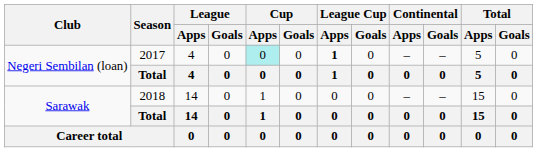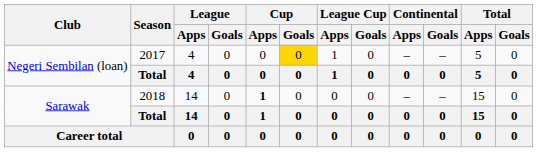 <table class="wikitable" style="text-align: center;">
 <tr>
 <th rowspan="2">Club</th>
 <th rowspan="2">Season</th>
 <th colspan="2">League</th>
 <th colspan="2">Cup</th>
 <th colspan="2">League Cup</th>
 <th colspan="2">Continental</th>
 <th colspan="2">Total</th>
 </tr>
 <tr>
 <th>Apps</th>
 <th>Goals</th>
 <th>Apps</th>
 <th>Goals</th>
 <th>Apps</th>
 <th>Goals</th>
 <th>Apps</th>
 <th>Goals</th>
 <th>Apps</th>
 <th>Goals</th>
 </tr>
 <tr>
 <td rowspan="2" valign="center"><a href='#'>Negeri Sembilan</a> (loan)</td>
 <td>2017</td>
 <td>4</td>
 <td>0</td>
-<td style="background: paleturquoise;">0</td>
 <td>0</td>
-<td><strong>1</strong></td>
+<td style="background: gold;">0</td>
+<td>1</td>
 <td>0</td>
 <td>–</td>
 <td>–</td>
 <td>5</td>
 <td>0</td>
 </tr>
 <tr>
 <th>Total</th>
 <th>4</th>
 <th>0</th>
 <th>0</th>
 <th>0</th>
 <th>1</th>
 <th>0</th>
 <th>0</th>
 <th>0</th>
 <th>5</th>
 <th>0</th>
 </tr>
 <tr>
 <td rowspan="2" valign="center"><a href='#'>Sarawak</a></td>
 <td>2018</td>
 <td>14</td>
 <td>0</td>
-<td>1</td>
+<td><strong>1</strong></td>
 <td>0</td>
 <td>0</td>
 <td>0</td>
 <td>–</td>
 <td>–</td>
 <td>15</td>
 <td>0</td>
 </tr>
 <tr>
 <th>Total</th>
 <th>14</th>
 <th>0</th>
 <th>1</th>
 <th>0</th>
 <th>0</th>
 <th>0</th>
 <th>0</th>
 <th>0</th>
 <th>15</th>
 <th>0</th>
 </tr>
 <tr>
 <th colspan=2>Career total</th>
 <th>0</th>
 <th>0</th>
 <th>0</th>
 <th>0</th>
 <th>0</th>
 <th>0</th>
 <th>0</th>
 <th>0</th>
 <th>0</th>
 <th>0</th>
 </tr>
 </table>
